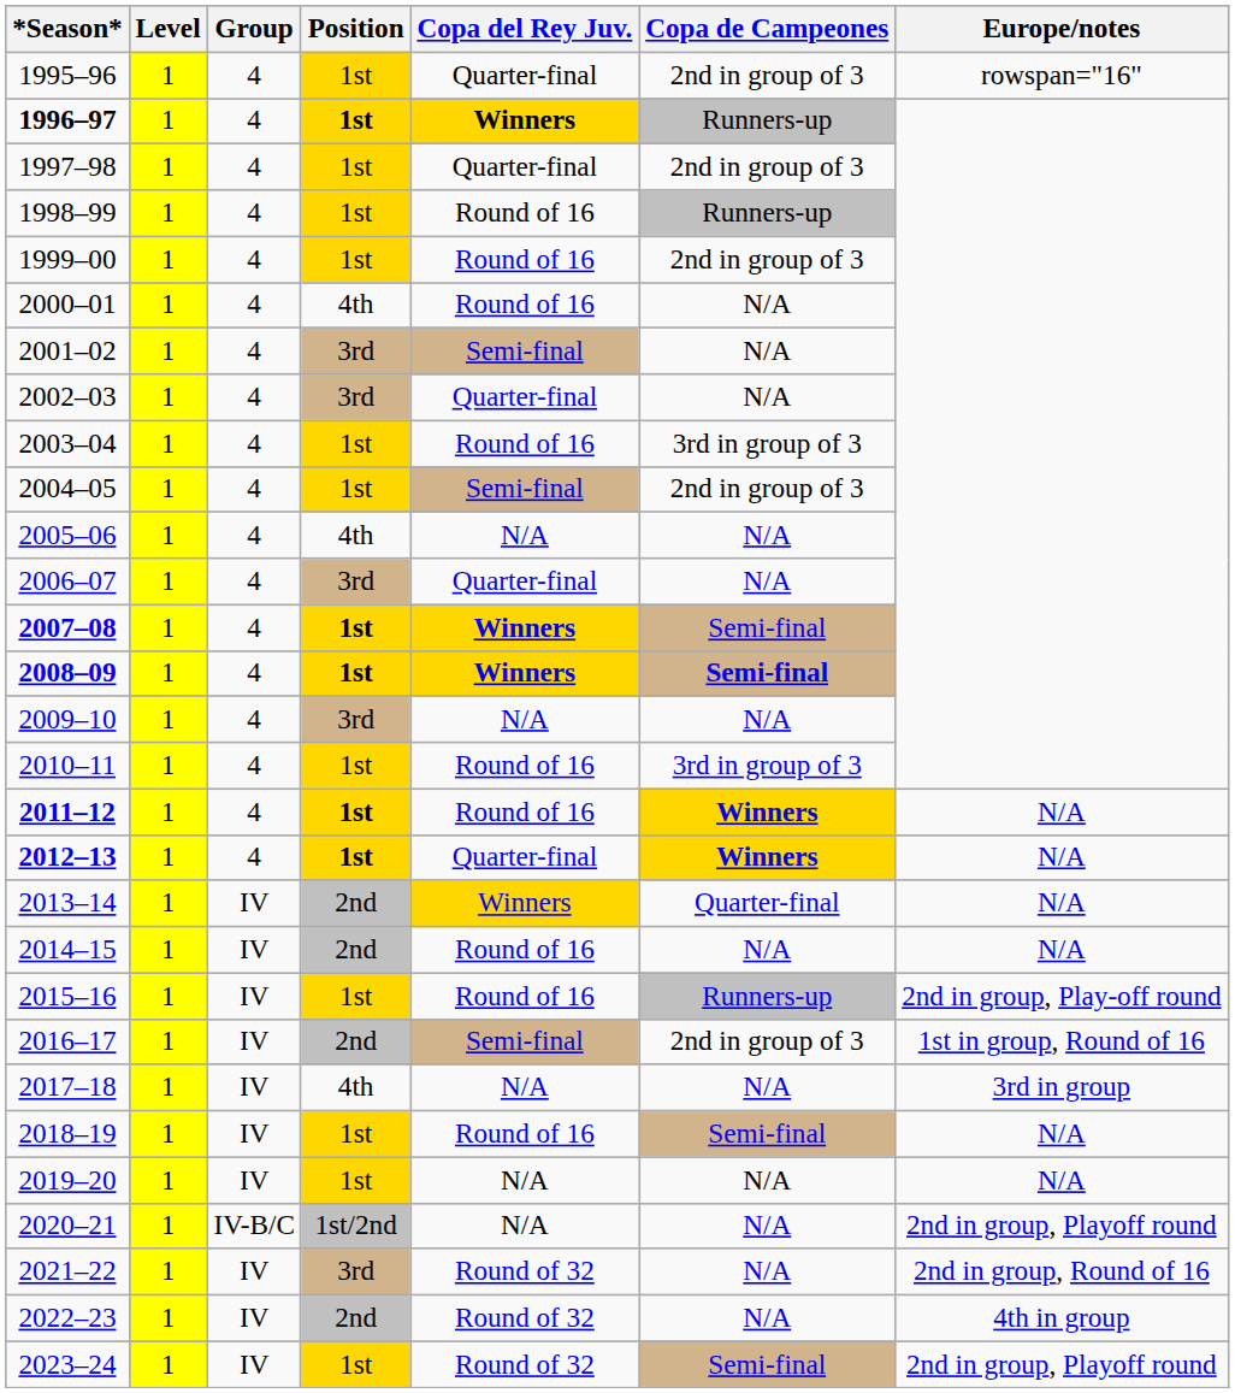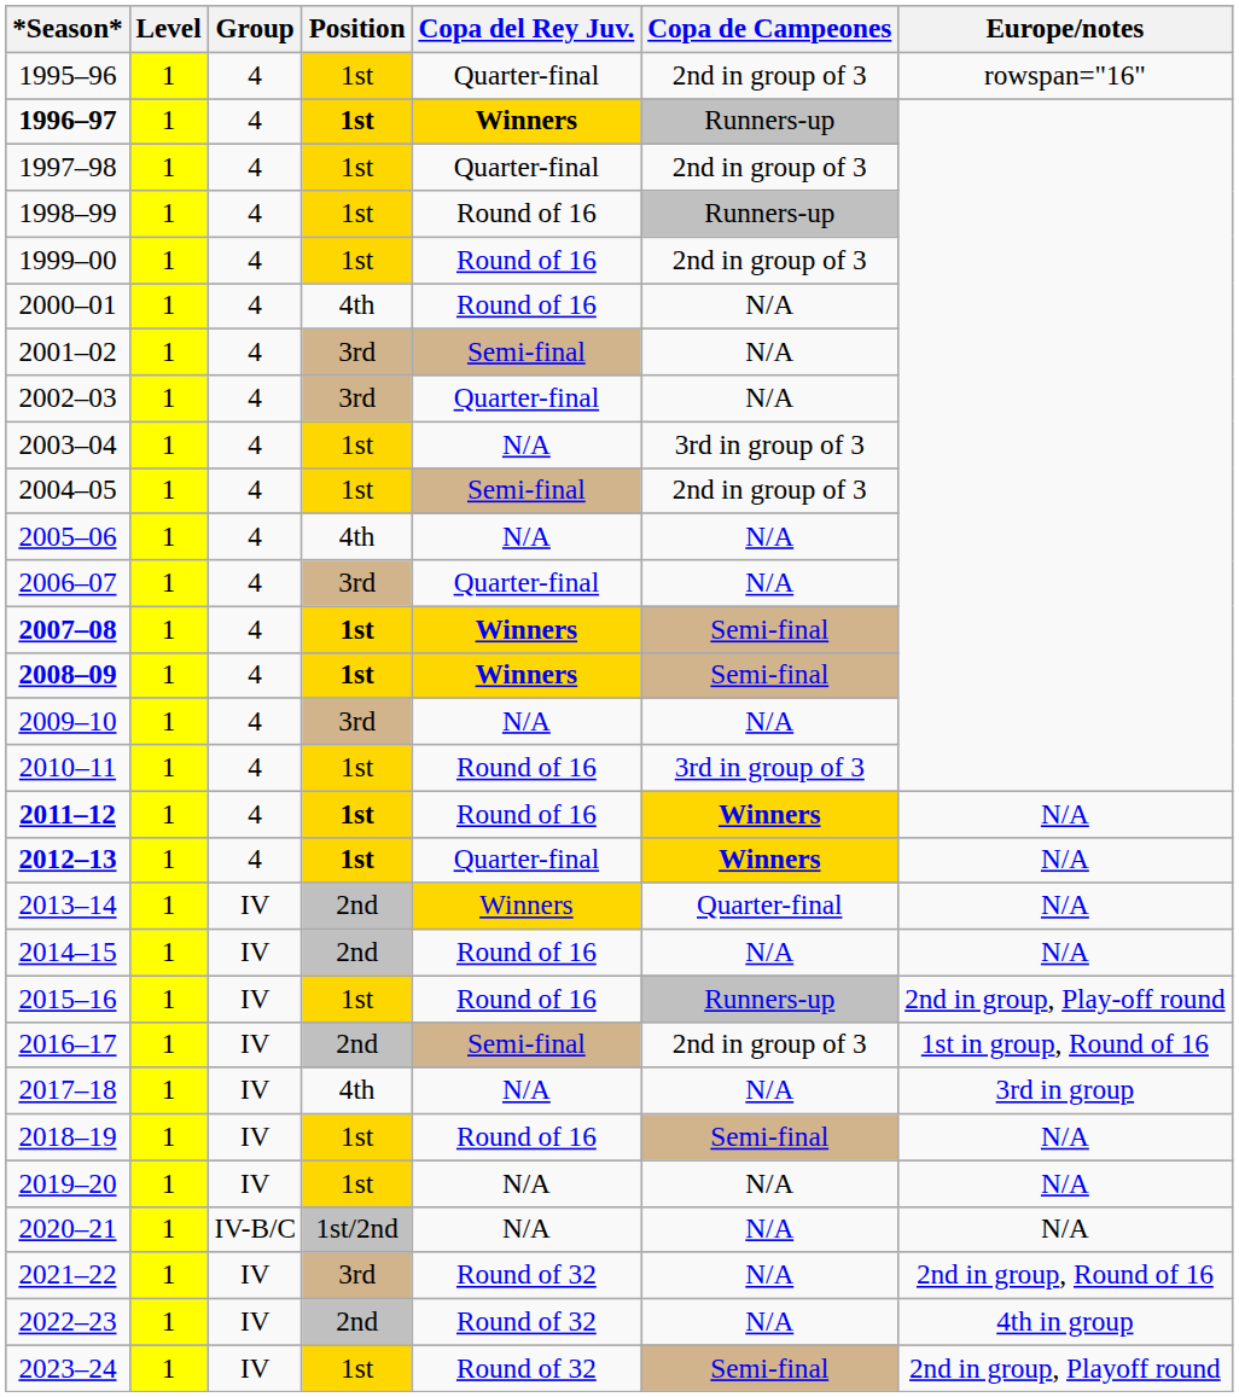 <table class="wikitable" style="text-align:center; font-size:90%">
 <tr>
 <th>*Season*</th>
 <th>Level</th>
 <th>Group</th>
 <th>Position</th>
 <th><a href='#'>Copa del Rey Juv.</a></th>
 <th><a href='#'>Copa de Campeones</a></th>
 <th>Europe/notes</th>
 </tr>
 <tr>
 <td>1995–96</td>
 <td bgcolor=#FFFF00>1</td>
 <td>4</td>
 <td bgcolor=gold>1st</td>
 <td>Quarter-final</td>
 <td>2nd in group of 3</td>
 <td>rowspan="16" </td>
 </tr>
 <tr>
 <td><strong>1996–97</strong></td>
 <td bgcolor=#FFFF00>1</td>
 <td>4</td>
 <td bgcolor=gold><strong>1st</strong></td>
 <td bgcolor=gold><strong>Winners</strong></td>
 <td bgcolor=silver>Runners-up</td>
 </tr>
 <tr>
 <td>1997–98</td>
 <td bgcolor=#FFFF00>1</td>
 <td>4</td>
 <td bgcolor=gold>1st</td>
 <td>Quarter-final</td>
 <td>2nd in group of 3</td>
 </tr>
 <tr>
 <td>1998–99</td>
 <td bgcolor=#FFFF00>1</td>
 <td>4</td>
 <td bgcolor=gold>1st</td>
 <td>Round of 16</td>
 <td bgcolor=silver>Runners-up</td>
 </tr>
 <tr>
 <td>1999–00</td>
 <td bgcolor=#FFFF00>1</td>
 <td>4</td>
 <td bgcolor=gold>1st</td>
 <td><a href='#'>Round of 16</a></td>
 <td>2nd in group of 3</td>
 </tr>
 <tr>
 <td>2000–01</td>
 <td bgcolor=#FFFF00>1</td>
 <td>4</td>
 <td>4th</td>
 <td><a href='#'>Round of 16</a></td>
 <td>N/A</td>
 </tr>
 <tr>
 <td>2001–02</td>
 <td bgcolor=#FFFF00>1</td>
 <td>4</td>
 <td bgcolor=#D2B48C>3rd</td>
 <td bgcolor=#D2B48C><a href='#'>Semi-final</a></td>
 <td>N/A</td>
 </tr>
 <tr>
 <td>2002–03</td>
 <td bgcolor=#FFFF00>1</td>
 <td>4</td>
 <td bgcolor=#D2B48C>3rd</td>
 <td><a href='#'>Quarter-final</a></td>
 <td>N/A</td>
 </tr>
 <tr>
 <td>2003–04</td>
 <td bgcolor=#FFFF00>1</td>
 <td>4</td>
 <td bgcolor=gold>1st</td>
-<td><a href='#'>Round of 16</a></td>
+<td><a href='#'>N/A</a></td>
 <td>3rd in group of 3</td>
 </tr>
 <tr>
 <td>2004–05</td>
 <td bgcolor=#FFFF00>1</td>
 <td>4</td>
 <td bgcolor=gold>1st</td>
 <td bgcolor=#D2B48C><a href='#'>Semi-final</a></td>
 <td>2nd in group of 3</td>
 </tr>
 <tr>
 <td><a href='#'>2005–06</a></td>
 <td bgcolor=#FFFF00>1</td>
 <td>4</td>
 <td>4th</td>
 <td><a href='#'>N/A</a></td>
 <td><a href='#'>N/A</a></td>
 </tr>
 <tr>
 <td><a href='#'>2006–07</a></td>
 <td bgcolor=#FFFF00>1</td>
 <td>4</td>
 <td bgcolor=#D2B48C>3rd</td>
 <td><a href='#'>Quarter-final</a></td>
 <td><a href='#'>N/A</a></td>
 </tr>
 <tr>
 <td><strong><a href='#'>2007–08</a></strong></td>
 <td bgcolor=#FFFF00>1</td>
 <td>4</td>
 <td bgcolor=gold><strong>1st</strong></td>
 <td bgcolor=gold><a href='#'><strong>Winners</strong></a></td>
 <td bgcolor=#D2B48C><a href='#'>Semi-final</a></td>
 </tr>
 <tr>
 <td><strong><a href='#'>2008–09</a></strong></td>
 <td bgcolor=#FFFF00>1</td>
 <td>4</td>
 <td bgcolor=gold><strong>1st</strong></td>
 <td bgcolor=gold><a href='#'><strong>Winners</strong></a></td>
-<td bgcolor=#D2B48C><strong><a href='#'>Semi-final</a></strong></td>
+<td bgcolor=#D2B48C><a href='#'>Semi-final</a></td>
 </tr>
 <tr>
 <td><a href='#'>2009–10</a></td>
 <td bgcolor=#FFFF00>1</td>
 <td>4</td>
 <td bgcolor=#D2B48C>3rd</td>
 <td><a href='#'>N/A</a></td>
 <td><a href='#'>N/A</a></td>
 </tr>
 <tr>
 <td><a href='#'>2010–11</a></td>
 <td bgcolor=#FFFF00>1</td>
 <td>4</td>
 <td bgcolor=gold>1st</td>
 <td><a href='#'>Round of 16</a></td>
 <td><a href='#'>3rd in group of 3</a></td>
 </tr>
 <tr>
 <td><strong><a href='#'>2011–12</a></strong></td>
 <td bgcolor=#FFFF00>1</td>
 <td>4</td>
 <td bgcolor=gold><strong>1st</strong></td>
 <td><a href='#'>Round of 16</a></td>
 <td bgcolor=gold><a href='#'><strong>Winners</strong></a></td>
 <td><a href='#'>N/A</a></td>
 </tr>
 <tr>
 <td><strong><a href='#'>2012–13</a></strong></td>
 <td bgcolor=#FFFF00>1</td>
 <td>4</td>
 <td bgcolor=gold><strong>1st</strong></td>
 <td><a href='#'>Quarter-final</a></td>
 <td bgcolor=gold><a href='#'><strong>Winners</strong></a></td>
 <td><a href='#'>N/A</a></td>
 </tr>
 <tr>
 <td><a href='#'>2013–14</a></td>
 <td bgcolor=#FFFF00>1</td>
 <td>IV</td>
 <td bgcolor=silver>2nd</td>
 <td bgcolor=gold><a href='#'>Winners</a></td>
 <td><a href='#'>Quarter-final</a></td>
 <td><a href='#'>N/A</a></td>
 </tr>
 <tr>
 <td><a href='#'>2014–15</a></td>
 <td bgcolor=#FFFF00>1</td>
 <td>IV</td>
 <td bgcolor=silver>2nd</td>
 <td><a href='#'>Round of 16</a></td>
 <td><a href='#'>N/A</a></td>
 <td><a href='#'>N/A</a></td>
 </tr>
 <tr>
 <td><a href='#'>2015–16</a></td>
 <td bgcolor=#FFFF00>1</td>
 <td>IV</td>
 <td bgcolor=gold>1st</td>
 <td><a href='#'>Round of 16</a></td>
 <td bgcolor=silver><a href='#'>Runners-up</a></td>
 <td><a href='#'>2nd in group</a>, <a href='#'>Play-off round</a></td>
 </tr>
 <tr>
 <td><a href='#'>2016–17</a></td>
 <td bgcolor=#FFFF00>1</td>
 <td>IV</td>
 <td bgcolor=silver>2nd</td>
 <td bgcolor=#D2B48C><a href='#'>Semi-final</a></td>
 <td>2nd in group of 3</td>
 <td><a href='#'>1st in group</a>, <a href='#'>Round of 16</a></td>
 </tr>
 <tr>
 <td><a href='#'>2017–18</a></td>
 <td bgcolor=#FFFF00>1</td>
 <td>IV</td>
 <td>4th</td>
 <td><a href='#'>N/A</a></td>
 <td><a href='#'>N/A</a></td>
 <td><a href='#'>3rd in group</a></td>
 </tr>
 <tr>
 <td><a href='#'>2018–19</a></td>
 <td bgcolor=#FFFF00>1</td>
 <td>IV</td>
 <td bgcolor=gold>1st</td>
 <td><a href='#'>Round of 16</a></td>
 <td bgcolor=#D2B48C><a href='#'>Semi-final</a></td>
 <td><a href='#'>N/A</a></td>
 </tr>
 <tr>
 <td><a href='#'>2019–20</a></td>
 <td bgcolor=#FFFF00>1</td>
 <td>IV</td>
 <td bgcolor=gold>1st</td>
 <td>N/A</td>
 <td>N/A</td>
 <td><a href='#'>N/A</a></td>
 </tr>
 <tr>
 <td><a href='#'>2020–21</a></td>
 <td bgcolor=#FFFF00>1</td>
 <td>IV-B/C</td>
 <td bgcolor=silver>1st/2nd</td>
 <td>N/A</td>
 <td><a href='#'>N/A</a></td>
-<td><a href='#'>2nd in group</a>, <a href='#'>Playoff round</a></td>
+<td>N/A</td>
 </tr>
 <tr>
 <td><a href='#'>2021–22</a></td>
 <td bgcolor=#FFFF00>1</td>
 <td>IV</td>
 <td bgcolor=#D2B48C>3rd</td>
 <td><a href='#'>Round of 32</a></td>
 <td><a href='#'>N/A</a></td>
 <td><a href='#'>2nd in group</a>, <a href='#'>Round of 16</a></td>
 </tr>
 <tr>
 <td><a href='#'>2022–23</a></td>
 <td bgcolor=#FFFF00>1</td>
 <td>IV</td>
 <td bgcolor=silver>2nd</td>
 <td><a href='#'>Round of 32</a></td>
 <td><a href='#'>N/A</a></td>
 <td><a href='#'>4th in group</a></td>
 </tr>
 <tr>
 <td><a href='#'>2023–24</a></td>
 <td bgcolor=#FFFF00>1</td>
 <td>IV</td>
 <td bgcolor=gold>1st</td>
 <td><a href='#'>Round of 32</a></td>
 <td bgcolor=#D2B48C><a href='#'>Semi-final</a></td>
 <td><a href='#'>2nd in group</a>, <a href='#'>Playoff round</a></td>
 </tr>
 <tr>
 </tr>
 </table>
